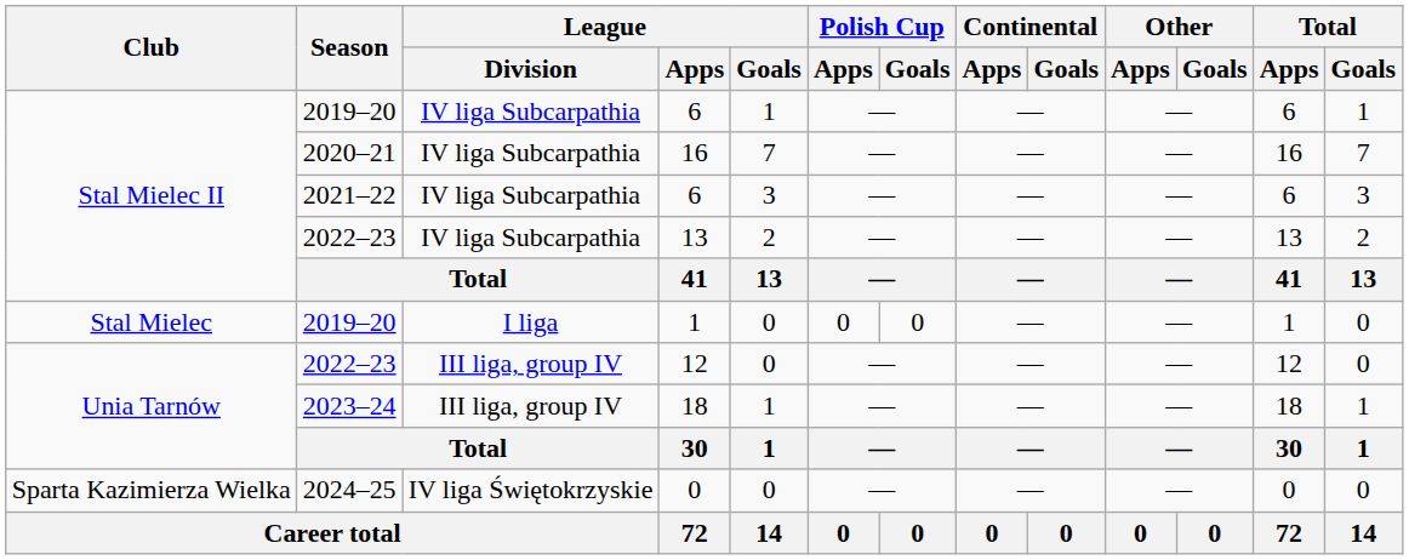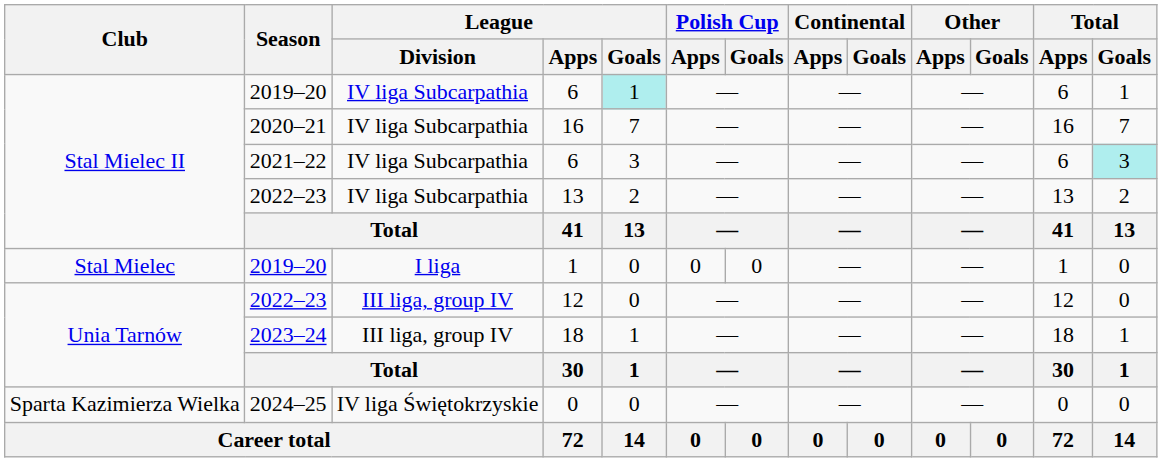 <table class="wikitable" style="text-align: center;">
 <tr>
 <th rowspan="2">Club</th>
 <th rowspan="2">Season</th>
 <th colspan="3">League</th>
 <th colspan="2"><a href='#'>Polish Cup</a></th>
 <th colspan="2">Continental</th>
 <th colspan="2">Other</th>
 <th colspan="2">Total</th>
 </tr>
 <tr>
 <th>Division</th>
 <th>Apps</th>
 <th>Goals</th>
 <th>Apps</th>
 <th>Goals</th>
 <th>Apps</th>
 <th>Goals</th>
 <th>Apps</th>
 <th>Goals</th>
 <th>Apps</th>
 <th>Goals</th>
 </tr>
 <tr>
 <td rowspan="5"><a href='#'>Stal Mielec II</a></td>
 <td>2019–20</td>
 <td><a href='#'>IV liga Subcarpathia</a></td>
 <td>6</td>
-<td>1</td>
+<td style="background: paleturquoise;">1</td>
 <td colspan="2">—</td>
 <td colspan="2">—</td>
 <td colspan="2">—</td>
 <td>6</td>
 <td>1</td>
 </tr>
 <tr>
 <td>2020–21</td>
 <td>IV liga Subcarpathia</td>
 <td>16</td>
 <td>7</td>
 <td colspan="2">—</td>
 <td colspan="2">—</td>
 <td colspan="2">—</td>
 <td>16</td>
 <td>7</td>
 </tr>
 <tr>
 <td>2021–22</td>
 <td>IV liga Subcarpathia</td>
 <td>6</td>
 <td>3</td>
 <td colspan="2">—</td>
 <td colspan="2">—</td>
 <td colspan="2">—</td>
 <td>6</td>
-<td>3</td>
+<td style="background: paleturquoise;">3</td>
 </tr>
 <tr>
 <td>2022–23</td>
 <td>IV liga Subcarpathia</td>
 <td>13</td>
 <td>2</td>
 <td colspan="2">—</td>
 <td colspan="2">—</td>
 <td colspan="2">—</td>
 <td>13</td>
 <td>2</td>
 </tr>
 <tr>
 <th colspan="2">Total</th>
 <th>41</th>
 <th>13</th>
 <th colspan="2">—</th>
 <th colspan="2">—</th>
 <th colspan="2">—</th>
 <th>41</th>
 <th>13</th>
 </tr>
 <tr>
 <td><a href='#'>Stal Mielec</a></td>
 <td><a href='#'>2019–20</a></td>
 <td><a href='#'>I liga</a></td>
 <td>1</td>
 <td>0</td>
 <td>0</td>
 <td>0</td>
 <td colspan="2">—</td>
 <td colspan="2">—</td>
 <td>1</td>
 <td>0</td>
 </tr>
 <tr>
 <td rowspan="3"><a href='#'>Unia Tarnów</a></td>
 <td><a href='#'>2022–23</a></td>
 <td><a href='#'>III liga, group IV</a></td>
 <td>12</td>
 <td>0</td>
 <td colspan="2">—</td>
 <td colspan="2">—</td>
 <td colspan="2">—</td>
 <td>12</td>
 <td>0</td>
 </tr>
 <tr>
 <td><a href='#'>2023–24</a></td>
 <td>III liga, group IV</td>
 <td>18</td>
 <td>1</td>
 <td colspan="2">—</td>
 <td colspan="2">—</td>
 <td colspan="2">—</td>
 <td>18</td>
 <td>1</td>
 </tr>
 <tr>
 <th colspan="2">Total</th>
 <th>30</th>
 <th>1</th>
 <th colspan="2">—</th>
 <th colspan="2">—</th>
 <th colspan="2">—</th>
 <th>30</th>
 <th>1</th>
 </tr>
 <tr>
 <td>Sparta Kazimierza Wielka</td>
 <td>2024–25</td>
 <td>IV liga Świętokrzyskie</td>
 <td>0</td>
 <td>0</td>
 <td colspan="2">—</td>
 <td colspan="2">—</td>
 <td colspan="2">—</td>
 <td>0</td>
 <td>0</td>
 </tr>
 <tr>
 <th colspan="3">Career total</th>
 <th>72</th>
 <th>14</th>
 <th>0</th>
 <th>0</th>
 <th>0</th>
 <th>0</th>
 <th>0</th>
 <th>0</th>
 <th>72</th>
 <th>14</th>
 </tr>
 </table>
